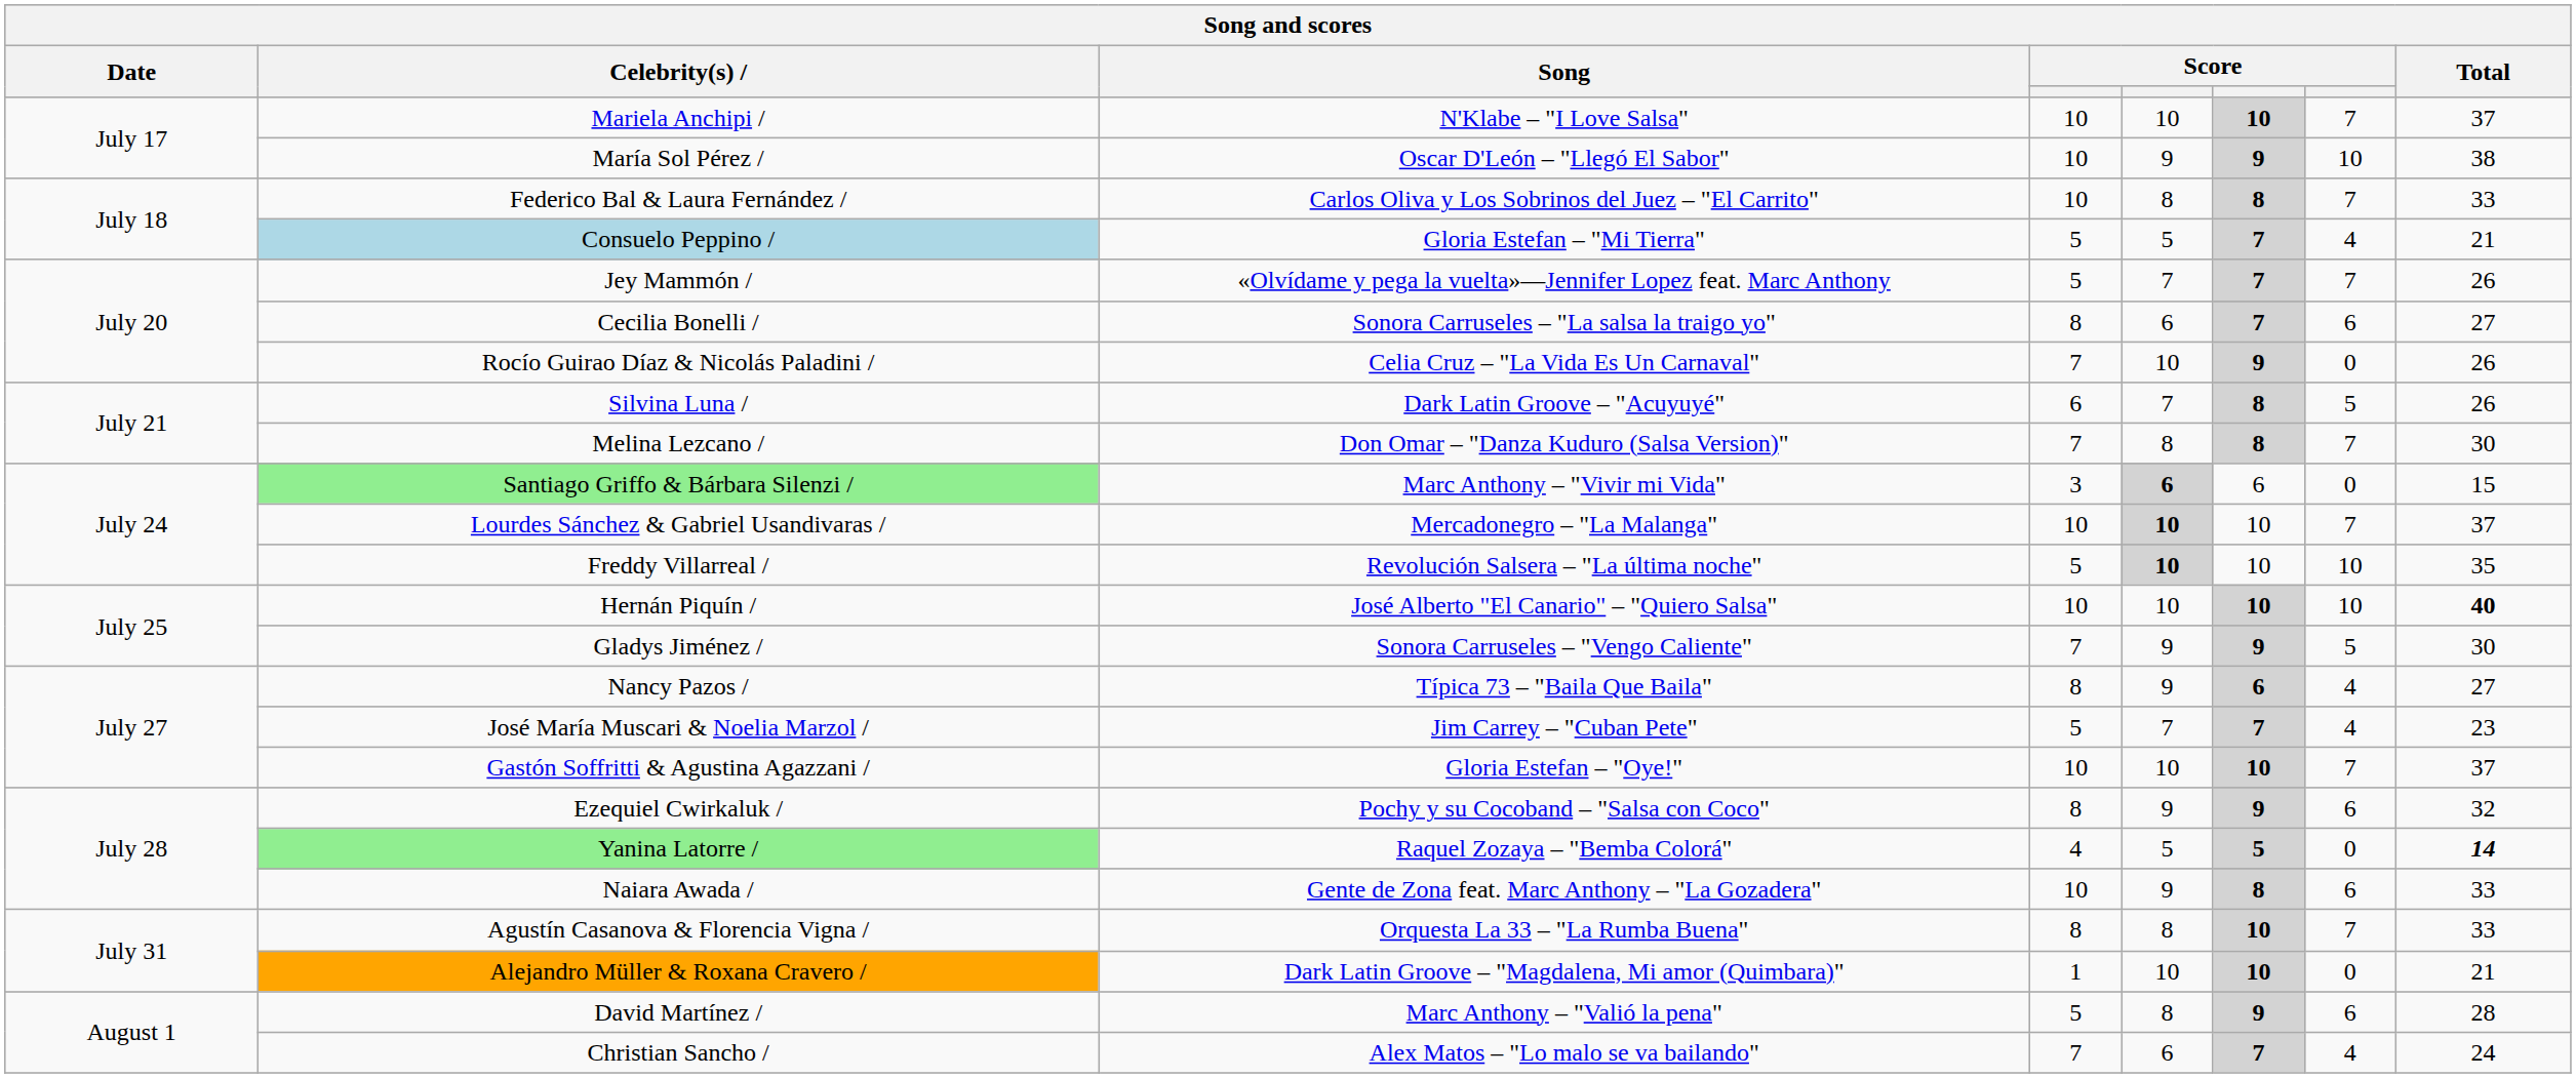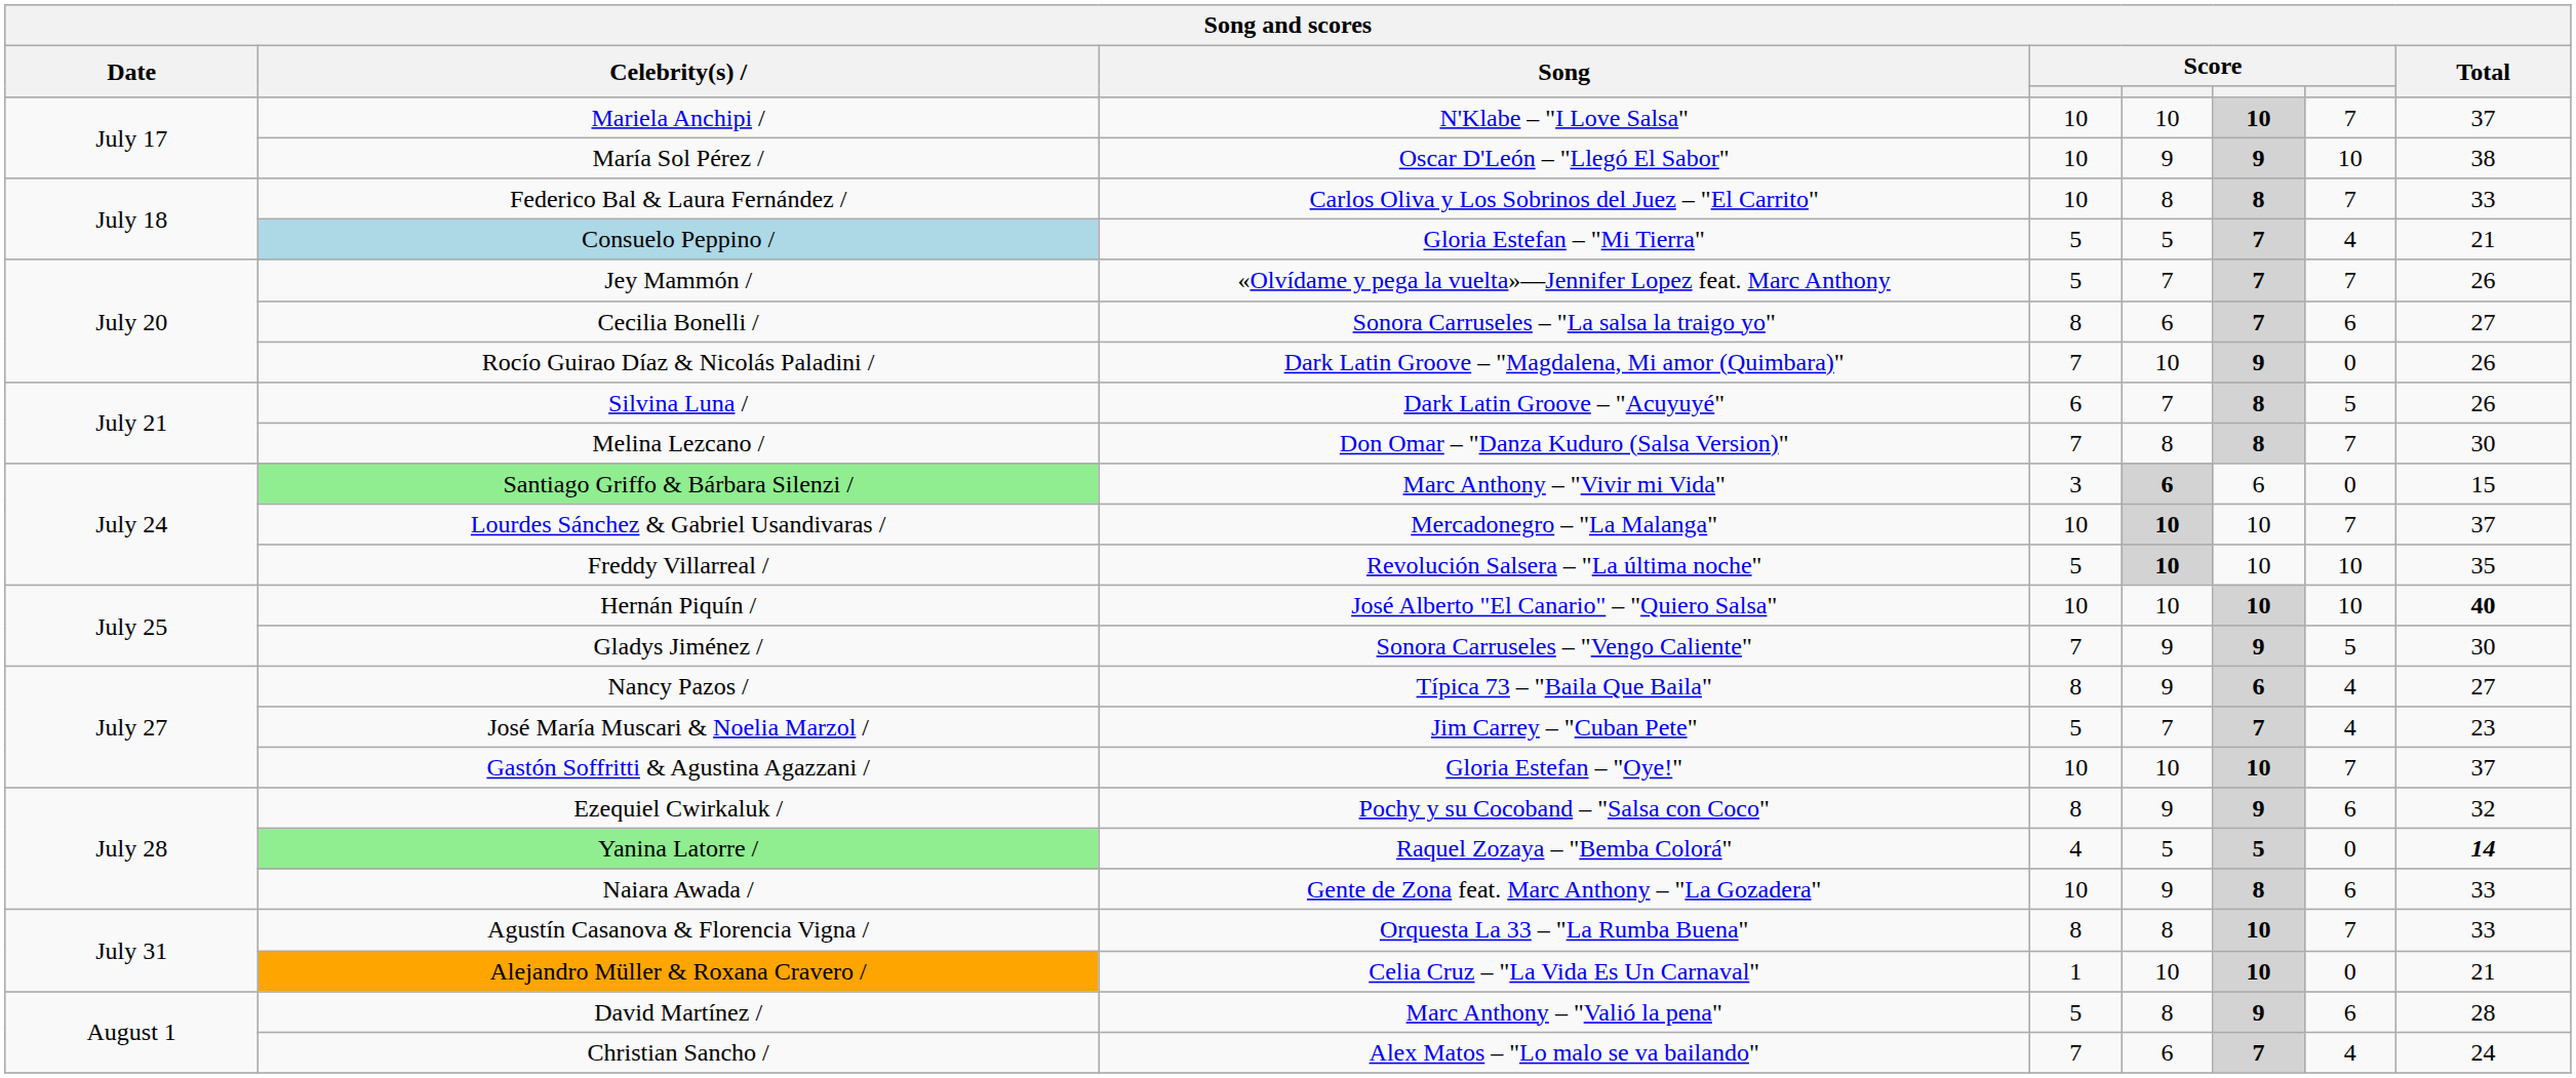 <table class="wikitable collapsible collapsed" style="font-size:95%; text-align: center; width: 100%;">
 <tr>
 <th colspan="11" style="with: 100%;" align=center>Song and scores</th>
 </tr>
 <tr>
 <th rowspan="2" width=90>Date</th>
 <th rowspan="2" width=315>Celebrity(s) / </th>
 <th rowspan="2" width=350>Song</th>
 <th colspan="4">Score</th>
 <th rowspan="2" width=60>Total</th>
 </tr>
 <tr>
 <th width=28></th>
 <th width=28></th>
 <th width=28></th>
 <th width=28></th>
 </tr>
 <tr>
 <td rowspan="2">July 17</td>
 <td bgcolor=""><a href='#'>Mariela Anchipi</a> / </td>
 <td><a href='#'>N'Klabe</a> – "<a href='#'>I Love Salsa</a>"</td>
 <td>10</td>
 <td>10</td>
 <td bgcolor="lightgrey"><strong>10</strong></td>
 <td>7</td>
 <td>37</td>
 </tr>
 <tr>
 <td bgcolor="">María Sol Pérez / </td>
 <td><a href='#'>Oscar D'León</a> – "<a href='#'>Llegó El Sabor</a>"</td>
 <td>10</td>
 <td>9</td>
 <td bgcolor="lightgrey"><strong>9</strong></td>
 <td>10</td>
 <td>38</td>
 </tr>
 <tr>
 <td rowspan="2">July 18</td>
 <td bgcolor="">Federico Bal & Laura Fernández / </td>
 <td><a href='#'>Carlos Oliva y Los Sobrinos del Juez</a> – "<a href='#'>El Carrito</a>"</td>
 <td>10</td>
 <td>8</td>
 <td bgcolor="lightgrey"><strong>8</strong></td>
 <td>7</td>
 <td>33</td>
 </tr>
 <tr>
 <td bgcolor="lightblue">Consuelo Peppino / </td>
 <td><a href='#'>Gloria Estefan</a> – "<a href='#'>Mi Tierra</a>"</td>
 <td>5</td>
 <td>5</td>
 <td bgcolor="lightgrey"><strong>7</strong></td>
 <td>4</td>
 <td>21</td>
 </tr>
 <tr>
 <td rowspan="3">July 20</td>
 <td bgcolor="">Jey Mammón / </td>
 <td>«<a href='#'>Olvídame y pega la vuelta</a>»—<a href='#'>Jennifer Lopez</a> feat. <a href='#'>Marc Anthony</a></td>
 <td>5</td>
 <td>7</td>
 <td bgcolor="lightgrey"><strong>7</strong></td>
 <td>7</td>
 <td>26</td>
 </tr>
 <tr>
 <td bgcolor="">Cecilia Bonelli / </td>
 <td><a href='#'>Sonora Carruseles</a> – "<a href='#'>La salsa la traigo yo</a>"</td>
 <td>8</td>
 <td>6</td>
 <td bgcolor="lightgrey"><strong>7</strong></td>
 <td>6</td>
 <td>27</td>
 </tr>
 <tr>
 <td bgcolor="">Rocío Guirao Díaz & Nicolás Paladini / </td>
-<td><a href='#'>Celia Cruz</a> – "<a href='#'>La Vida Es Un Carnaval</a>"</td>
+<td><a href='#'>Dark Latin Groove</a> – "<a href='#'>Magdalena, Mi amor (Quimbara)</a>"</td>
 <td>7</td>
 <td>10</td>
 <td bgcolor="lightgrey"><strong>9</strong></td>
 <td>0</td>
 <td>26</td>
 </tr>
 <tr>
 <td rowspan="2">July 21</td>
 <td bgcolor=""><a href='#'>Silvina Luna</a> / </td>
 <td><a href='#'>Dark Latin Groove</a> – "<a href='#'>Acuyuyé</a>"</td>
 <td>6</td>
 <td>7</td>
 <td bgcolor="lightgrey"><strong>8</strong></td>
 <td>5</td>
 <td>26</td>
 </tr>
 <tr>
 <td bgcolor="">Melina Lezcano / </td>
 <td><a href='#'>Don Omar</a> – "<a href='#'>Danza Kuduro (Salsa Version)</a>"</td>
 <td>7</td>
 <td>8</td>
 <td bgcolor="lightgrey"><strong>8</strong></td>
 <td>7</td>
 <td>30</td>
 </tr>
 <tr>
 <td rowspan="3">July 24</td>
 <td bgcolor="lightgreen">Santiago Griffo & Bárbara Silenzi / </td>
 <td><a href='#'>Marc Anthony</a> – "<a href='#'>Vivir mi Vida</a>"</td>
 <td>3</td>
 <td bgcolor="lightgrey"><strong>6</strong></td>
 <td>6</td>
 <td>0</td>
 <td>15</td>
 </tr>
 <tr>
 <td bgcolor=""><a href='#'>Lourdes Sánchez</a> & Gabriel Usandivaras / </td>
 <td><a href='#'>Mercadonegro</a> – "<a href='#'>La Malanga</a>"</td>
 <td>10</td>
 <td bgcolor="lightgrey"><strong>10</strong></td>
 <td>10</td>
 <td>7</td>
 <td>37</td>
 </tr>
 <tr>
 <td bgcolor="">Freddy Villarreal / </td>
 <td><a href='#'>Revolución Salsera</a> – "<a href='#'>La última noche</a>"</td>
 <td>5</td>
 <td bgcolor="lightgrey"><strong>10</strong></td>
 <td>10</td>
 <td>10</td>
 <td>35</td>
 </tr>
 <tr>
 <td rowspan="2">July 25</td>
 <td bgcolor="">Hernán Piquín / </td>
 <td><a href='#'>José Alberto "El Canario"</a> – "<a href='#'>Quiero Salsa</a>"</td>
 <td>10</td>
 <td>10</td>
 <td bgcolor="lightgrey"><strong>10</strong></td>
 <td>10</td>
 <td><span><strong>40</strong></span></td>
 </tr>
 <tr>
 <td bgcolor="">Gladys Jiménez / </td>
 <td><a href='#'>Sonora Carruseles</a> – "<a href='#'>Vengo Caliente</a>"</td>
 <td>7</td>
 <td>9</td>
 <td bgcolor="lightgrey"><strong>9</strong></td>
 <td>5</td>
 <td>30</td>
 </tr>
 <tr>
 <td rowspan="3">July 27</td>
 <td bgcolor="">Nancy Pazos / </td>
 <td><a href='#'>Típica 73</a> – "<a href='#'>Baila Que Baila</a>"</td>
 <td>8</td>
 <td>9</td>
 <td bgcolor="lightgrey"><strong>6</strong></td>
 <td>4</td>
 <td>27</td>
 </tr>
 <tr>
 <td bgcolor="">José María Muscari & <a href='#'>Noelia Marzol</a> / </td>
 <td><a href='#'>Jim Carrey</a> – "<a href='#'>Cuban Pete</a>"</td>
 <td>5</td>
 <td>7</td>
 <td bgcolor="lightgrey"><strong>7</strong></td>
 <td>4</td>
 <td>23</td>
 </tr>
 <tr>
 <td bgcolor=""><a href='#'>Gastón Soffritti</a> & Agustina Agazzani / </td>
 <td><a href='#'>Gloria Estefan</a> – "<a href='#'>Oye!</a>"</td>
 <td>10</td>
 <td>10</td>
 <td bgcolor="lightgrey"><strong>10</strong></td>
 <td>7</td>
 <td>37</td>
 </tr>
 <tr>
 <td rowspan="3">July 28</td>
 <td bgcolor="">Ezequiel Cwirkaluk / </td>
 <td><a href='#'>Pochy y su Cocoband</a> – "<a href='#'>Salsa con Coco</a>"</td>
 <td>8</td>
 <td>9</td>
 <td bgcolor="lightgrey"><strong>9</strong></td>
 <td>6</td>
 <td>32</td>
 </tr>
 <tr>
 <td bgcolor="lightgreen">Yanina Latorre / </td>
 <td><a href='#'>Raquel Zozaya</a> – "<a href='#'>Bemba Colorá</a>"</td>
 <td>4</td>
 <td>5</td>
 <td bgcolor="lightgrey"><strong>5</strong></td>
 <td>0</td>
 <td><span><strong><em>14</em></strong></span></td>
 </tr>
 <tr>
 <td bgcolor="">Naiara Awada / </td>
 <td><a href='#'>Gente de Zona</a> feat. <a href='#'>Marc Anthony</a> – "<a href='#'>La Gozadera</a>"</td>
 <td>10</td>
 <td>9</td>
 <td bgcolor="lightgrey"><strong>8</strong></td>
 <td>6</td>
 <td>33</td>
 </tr>
 <tr>
 <td rowspan="2">July 31</td>
 <td bgcolor="">Agustín Casanova & Florencia Vigna / </td>
 <td><a href='#'>Orquesta La 33</a> – "<a href='#'>La Rumba Buena</a>"</td>
 <td>8</td>
 <td>8</td>
 <td bgcolor="lightgrey"><strong>10</strong></td>
 <td>7</td>
 <td>33</td>
 </tr>
 <tr>
 <td bgcolor="orange">Alejandro Müller & Roxana Cravero / </td>
-<td><a href='#'>Dark Latin Groove</a> – "<a href='#'>Magdalena, Mi amor (Quimbara)</a>"</td>
+<td><a href='#'>Celia Cruz</a> – "<a href='#'>La Vida Es Un Carnaval</a>"</td>
 <td>1</td>
 <td>10</td>
 <td bgcolor="lightgrey"><strong>10</strong></td>
 <td>0</td>
 <td>21</td>
 </tr>
 <tr>
 <td rowspan="2">August 1</td>
 <td bgcolor="">David Martínez / </td>
 <td><a href='#'>Marc Anthony</a> – "<a href='#'>Valió la pena</a>"</td>
 <td>5</td>
 <td>8</td>
 <td bgcolor="lightgrey"><strong>9</strong></td>
 <td>6</td>
 <td>28</td>
 </tr>
 <tr>
 <td bgcolor="">Christian Sancho / </td>
 <td><a href='#'>Alex Matos</a> – "<a href='#'>Lo malo se va bailando</a>"</td>
 <td>7</td>
 <td>6</td>
 <td bgcolor="lightgrey"><strong>7</strong></td>
 <td>4</td>
 <td>24</td>
 </tr>
 </table>
